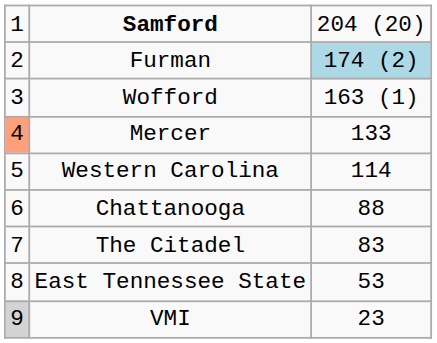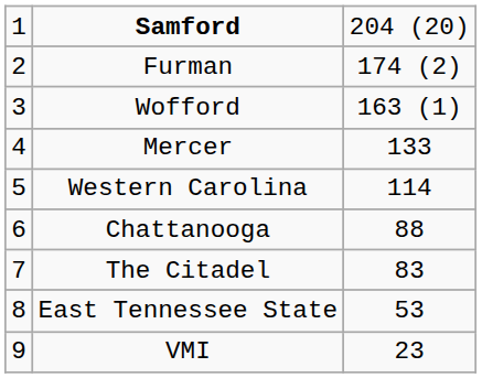 <table class="wikitable" style="display: inline-table;">
 <tr align="center">
 <td>1</td>
 <td><strong>Samford</strong></td>
 <td>204 (20)</td>
 </tr>
 <tr align="center">
 <td>2</td>
 <td>Furman</td>
-<td style="background: lightblue;">174 (2)</td>
+<td>174 (2)</td>
 </tr>
 <tr align="center">
 <td>3</td>
 <td>Wofford</td>
 <td>163 (1)</td>
 </tr>
 <tr align="center">
-<td style="background: lightsalmon;">4</td>
+<td>4</td>
 <td>Mercer</td>
 <td>133</td>
 </tr>
 <tr align="center">
 <td>5</td>
 <td>Western Carolina</td>
 <td>114</td>
 </tr>
 <tr align="center">
 <td>6</td>
 <td>Chattanooga</td>
 <td>88</td>
 </tr>
 <tr align="center">
 <td>7</td>
 <td>The Citadel</td>
 <td>83</td>
 </tr>
 <tr align="center">
 <td>8</td>
 <td>East Tennessee State</td>
 <td>53</td>
 </tr>
 <tr align="center">
-<td style="background: lightgrey;">9</td>
+<td>9</td>
 <td>VMI</td>
 <td>23</td>
 </tr>
 </table>
